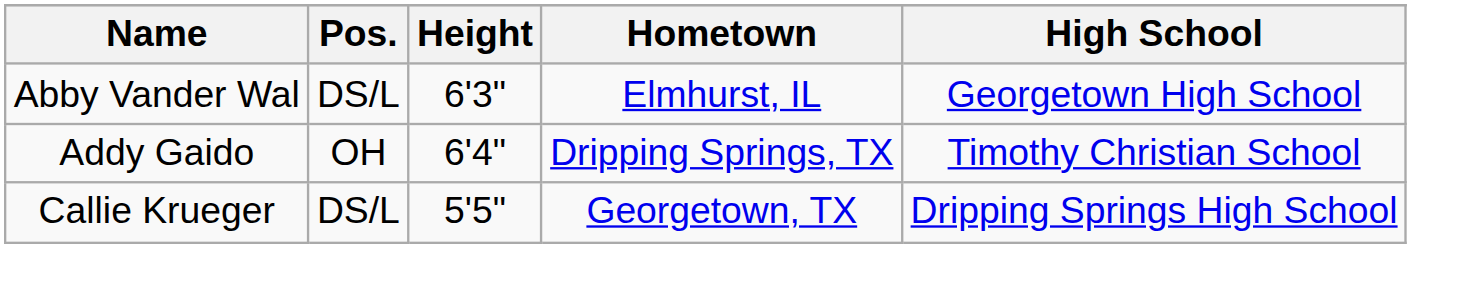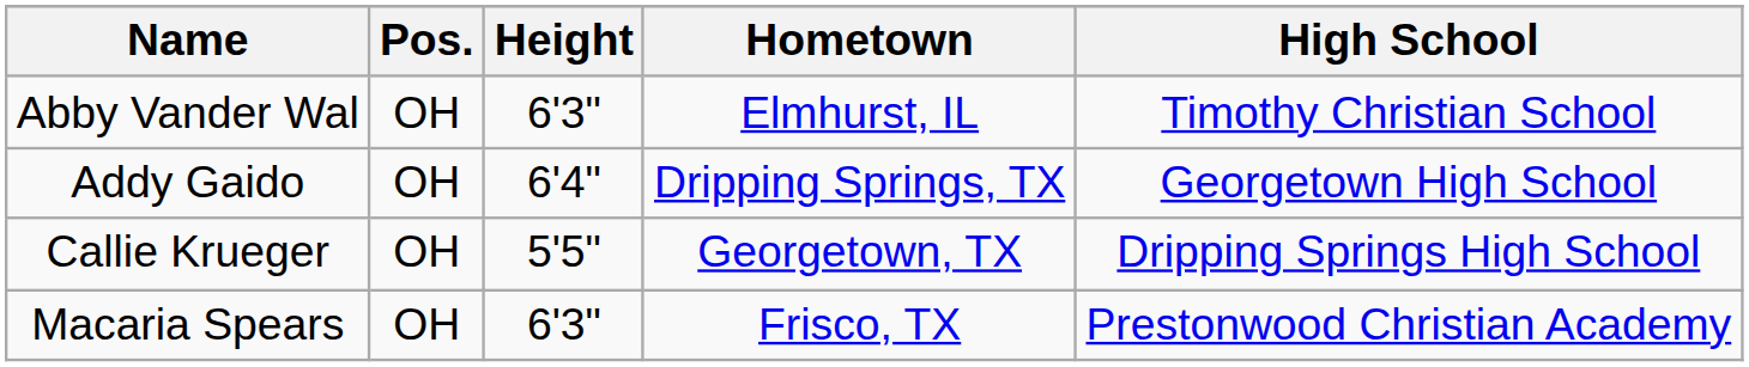 <table class="wikitable sortable collapsible">
 <tr>
 </tr>
 <tr>
 <th style="text-align:center; ">Name</th>
 <th style="text-align:center; ">Pos.</th>
 <th style="text-align:center; ">Height</th>
 <th style="text-align:center; ">Hometown</th>
 <th style="text-align:center; ">High School</th>
 </tr>
 <tr align="center">
 <td>Abby Vander Wal</td>
-<td>DS/L</td>
+<td>OH</td>
 <td>6'3"</td>
 <td><a href='#'>Elmhurst, IL</a></td>
-<td><a href='#'>Georgetown High School</a></td>
+<td><a href='#'>Timothy Christian School</a></td>
 </tr>
 <tr align="center">
 <td>Addy Gaido</td>
 <td>OH</td>
 <td>6'4"</td>
 <td><a href='#'>Dripping Springs, TX</a></td>
-<td><a href='#'>Timothy Christian School</a></td>
+<td><a href='#'>Georgetown High School</a></td>
 </tr>
 <tr align="center">
 <td>Callie Krueger</td>
-<td>DS/L</td>
+<td>OH</td>
 <td>5'5"</td>
 <td><a href='#'>Georgetown, TX</a></td>
 <td><a href='#'>Dripping Springs High School</a></td>
 </tr>
+<tr align="center">
+<td>Macaria Spears</td>
+<td>OH</td>
+<td>6'3"</td>
+<td><a href='#'>Frisco, TX</a></td>
+<td><a href='#'>Prestonwood Christian Academy</a></td>
+</tr>
 </table>
